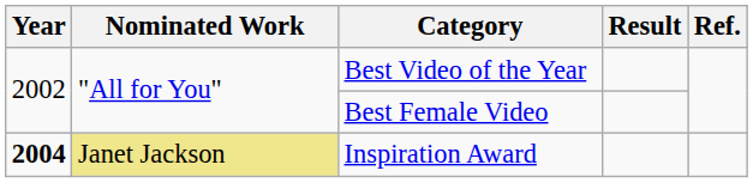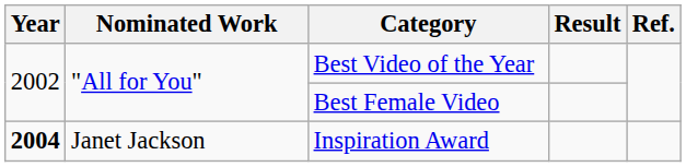 <table class="wikitable" width="50%">
 <tr>
 <th width="5%">Year</th>
 <th width="40%">Nominated Work</th>
 <th width="40%">Category</th>
 <th width="10%">Result</th>
 <th width="5%">Ref.</th>
 </tr>
 <tr>
 <td rowspan="2">2002</td>
 <td rowspan="2">"<a href='#'>All for You</a>"</td>
 <td><a href='#'>Best Video of the Year</a></td>
 <td></td>
 <td rowspan="2"></td>
 </tr>
 <tr>
 <td><a href='#'>Best Female Video</a></td>
 <td></td>
 </tr>
 <tr>
 <td><strong>2004</strong></td>
-<td style="background: khaki;">Janet Jackson</td>
+<td>Janet Jackson</td>
 <td><a href='#'>Inspiration Award</a></td>
 <td></td>
 <td></td>
 </tr>
 </table>
